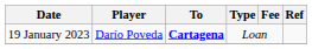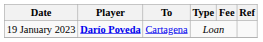 <table class="wikitable">
 <tr>
 <th>Date</th>
 <th>Player</th>
 <th>To</th>
 <th>Type</th>
 <th>Fee</th>
 <th>Ref</th>
 </tr>
 <tr>
 <td>19 January 2023</td>
-<td> <a href='#'>Darío Poveda</a></td>
-<td><strong><a href='#'>Cartagena</a></strong></td>
+<td><strong> <a href='#'>Darío Poveda</a></strong></td>
+<td><a href='#'>Cartagena</a></td>
 <td colspan=2 align=center><em>Loan</em></td>
 <td align=center></td>
 </tr>
 <tr>
 </tr>
 </table>
